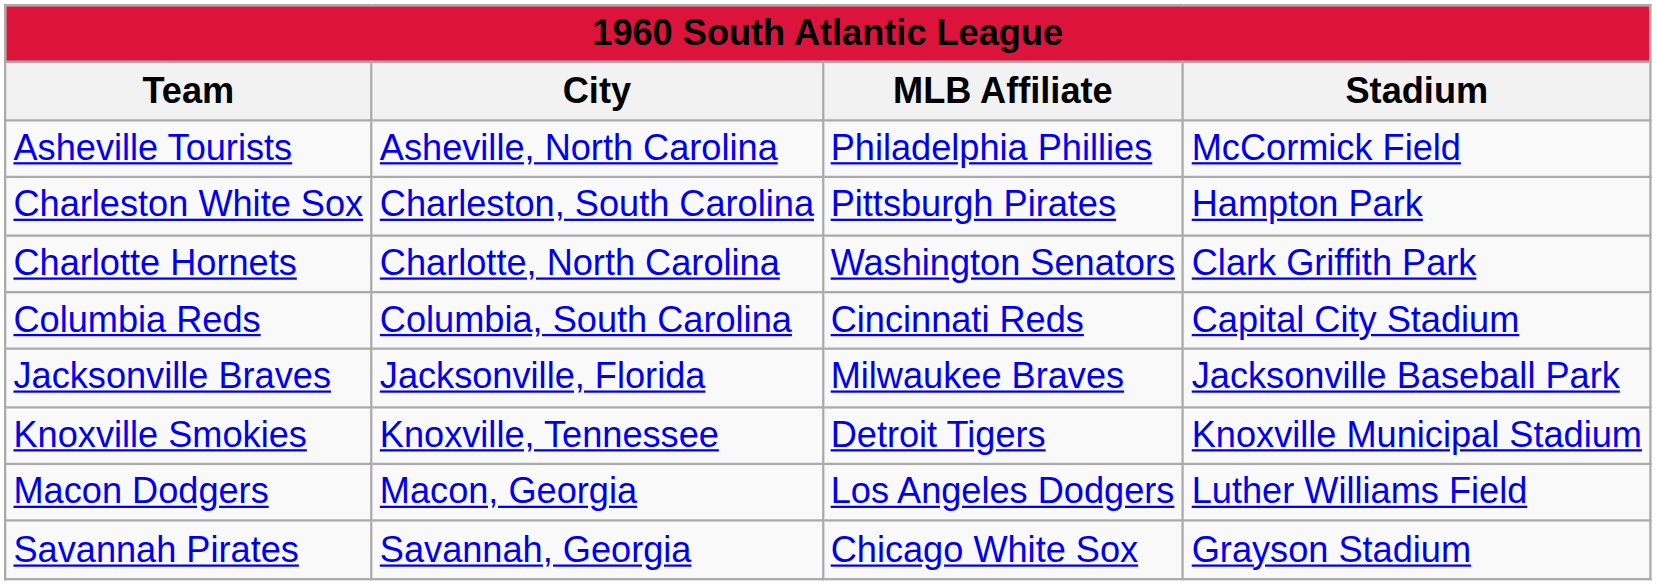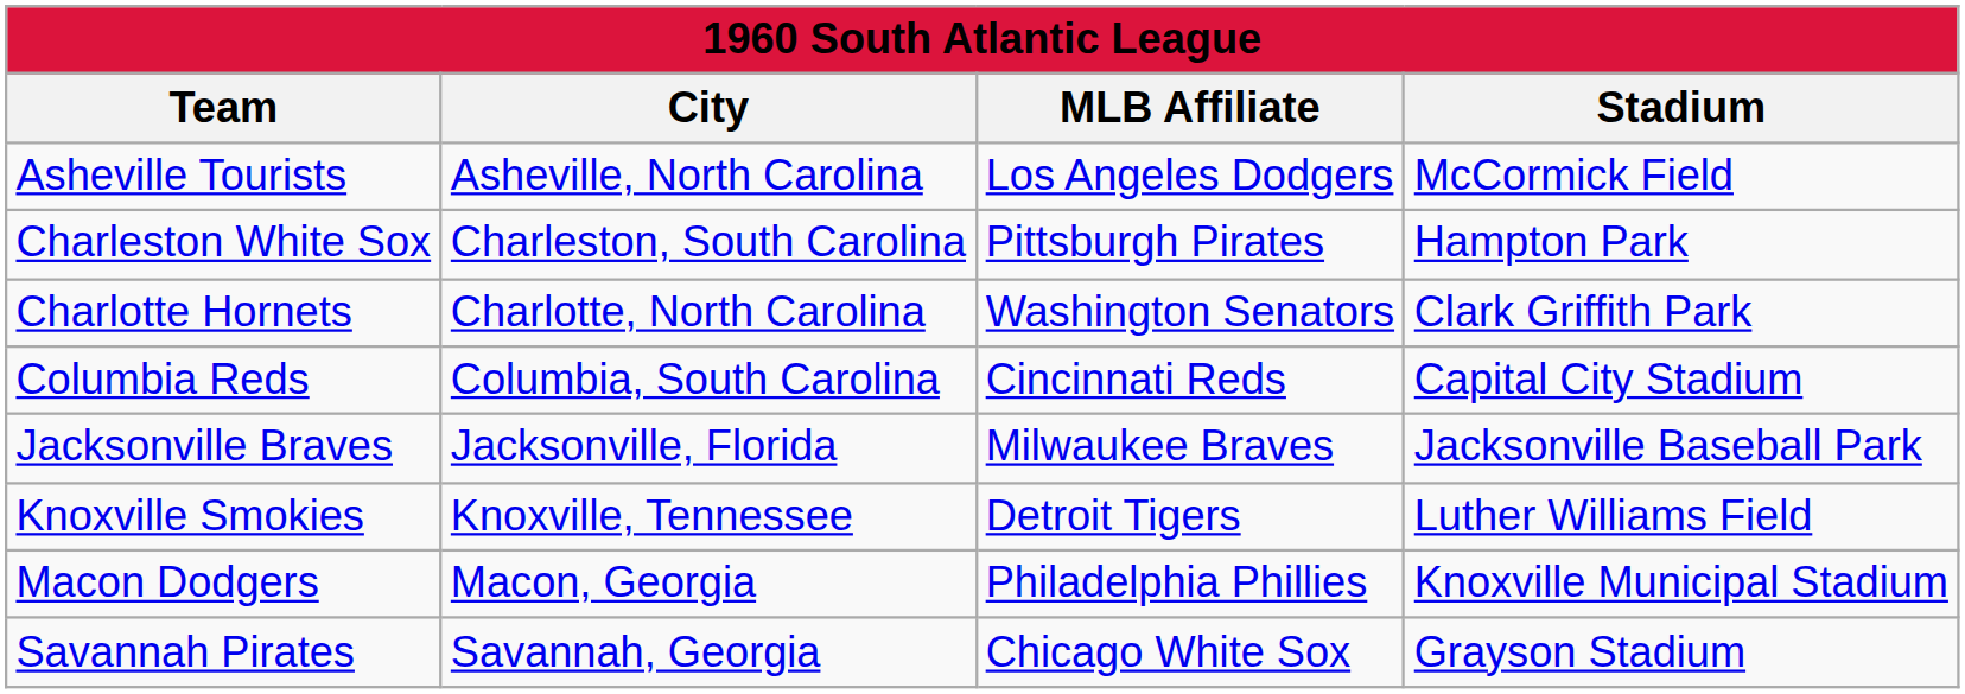 <table class="wikitable" style="width:auto">
 <tr>
 <td bgcolor="#DC143C" align="center" colspan="7"><strong><span>1960 South Atlantic League</span></strong></td>
 </tr>
 <tr>
 <th>Team</th>
 <th>City</th>
 <th>MLB Affiliate</th>
 <th>Stadium</th>
 </tr>
 <tr>
 <td><a href='#'>Asheville Tourists</a></td>
 <td><a href='#'>Asheville, North Carolina</a></td>
-<td><a href='#'>Philadelphia Phillies</a></td>
+<td><a href='#'>Los Angeles Dodgers</a></td>
 <td><a href='#'>McCormick Field</a></td>
 </tr>
 <tr>
 <td><a href='#'>Charleston White Sox</a></td>
 <td><a href='#'>Charleston, South Carolina</a></td>
 <td><a href='#'>Pittsburgh Pirates</a></td>
 <td><a href='#'>Hampton Park</a></td>
 </tr>
 <tr>
 <td><a href='#'>Charlotte Hornets</a></td>
 <td><a href='#'>Charlotte, North Carolina</a></td>
 <td><a href='#'>Washington Senators</a></td>
 <td><a href='#'>Clark Griffith Park</a></td>
 </tr>
 <tr>
 <td><a href='#'>Columbia Reds</a></td>
 <td><a href='#'>Columbia, South Carolina</a></td>
 <td><a href='#'>Cincinnati Reds</a></td>
 <td><a href='#'>Capital City Stadium</a></td>
 </tr>
 <tr>
 <td><a href='#'>Jacksonville Braves</a></td>
 <td><a href='#'>Jacksonville, Florida</a></td>
 <td><a href='#'>Milwaukee Braves</a></td>
 <td><a href='#'>Jacksonville Baseball Park</a></td>
 </tr>
 <tr>
 <td><a href='#'>Knoxville Smokies</a></td>
 <td><a href='#'>Knoxville, Tennessee</a></td>
 <td><a href='#'>Detroit Tigers</a></td>
-<td><a href='#'>Knoxville Municipal Stadium</a></td>
+<td><a href='#'>Luther Williams Field</a></td>
 </tr>
 <tr>
 <td><a href='#'>Macon Dodgers</a></td>
 <td><a href='#'>Macon, Georgia</a></td>
-<td><a href='#'>Los Angeles Dodgers</a></td>
-<td><a href='#'>Luther Williams Field</a></td>
+<td><a href='#'>Philadelphia Phillies</a></td>
+<td><a href='#'>Knoxville Municipal Stadium</a></td>
 </tr>
 <tr>
 <td><a href='#'>Savannah Pirates</a></td>
 <td><a href='#'>Savannah, Georgia</a></td>
 <td><a href='#'>Chicago White Sox</a></td>
 <td><a href='#'>Grayson Stadium</a></td>
 </tr>
 </table>
